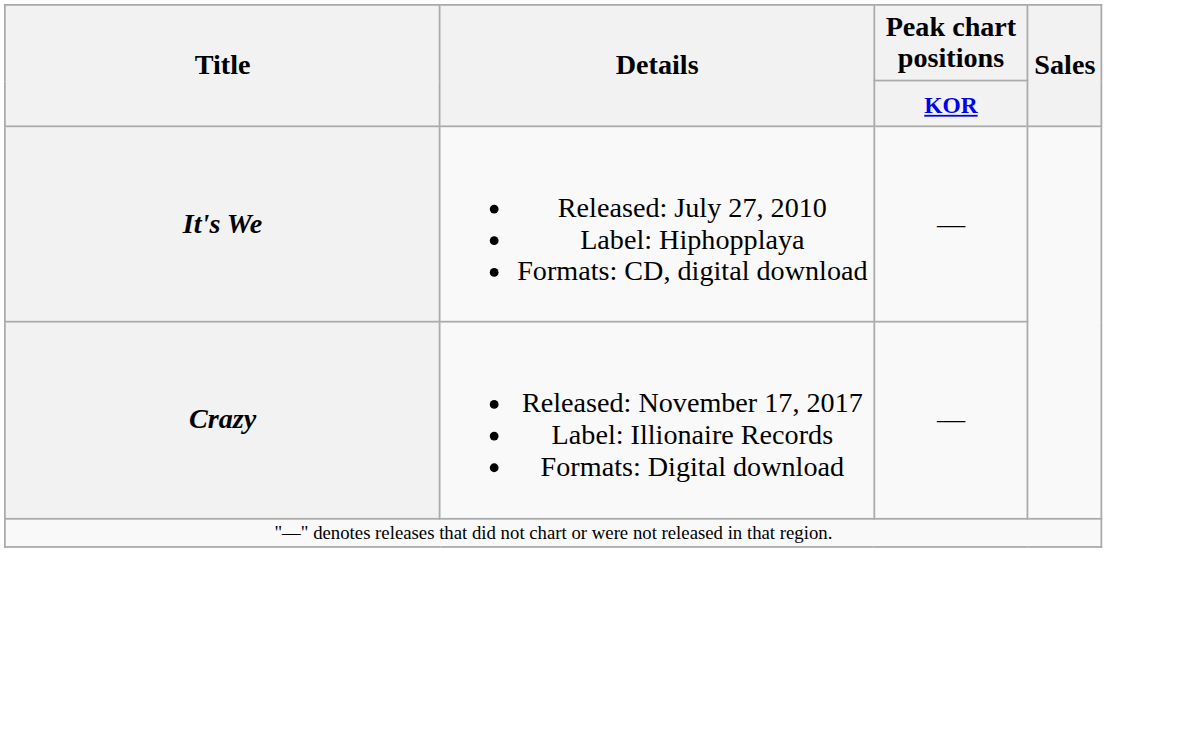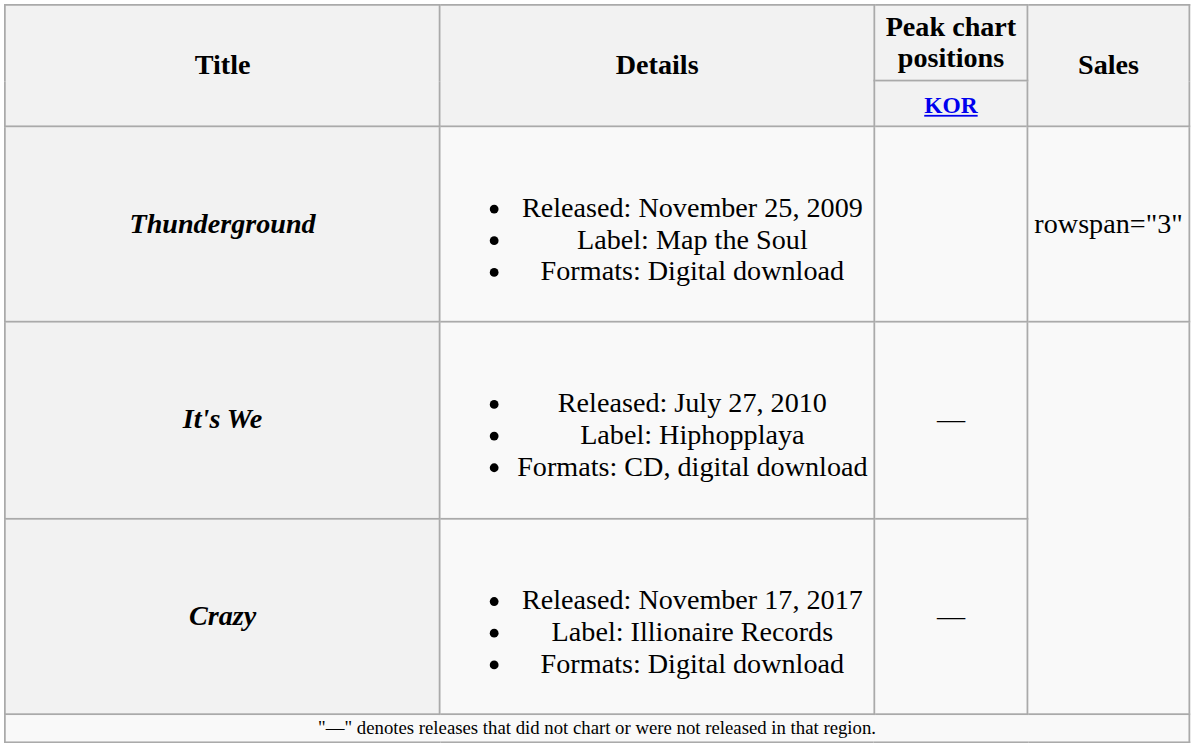 <table class="wikitable plainrowheaders" style="text-align:center;">
 <tr>
 <th scope="col" rowspan="2" style="width:15em;">Title</th>
 <th scope="col" rowspan="2">Details</th>
 <th colspan="1" scope="col" style="width:5em;">Peak chart positions</th>
 <th scope="col" rowspan="2">Sales</th>
 </tr>
 <tr>
 <th><small><a href='#'>KOR</a></small><br></th>
+</tr>
+<tr>
+<th scope="row"><em>Thunderground</em></th>
+<td><br><ul><li>Released: November 25, 2009</li><li>Label: Map the Soul</li><li>Formats: Digital download</li></ul></td>
+<td></td>
+<td>rowspan="3" </td>
 </tr>
 <tr>
 <th scope="row"><em>It's We</em><br></th>
 <td><br><ul><li>Released: July 27, 2010</li><li>Label: Hiphopplaya</li><li>Formats: CD, digital download</li></ul></td>
 <td>—</td>
 </tr>
 <tr>
 <th scope="row"><em>Crazy</em></th>
 <td><br><ul><li>Released: November 17, 2017</li><li>Label: Illionaire Records</li><li>Formats: Digital download</li></ul></td>
 <td>—</td>
 </tr>
 <tr>
 <td colspan="4" style="font-size:8pt;">"—" denotes releases that did not chart or were not released in that region.</td>
 </tr>
 </table>
